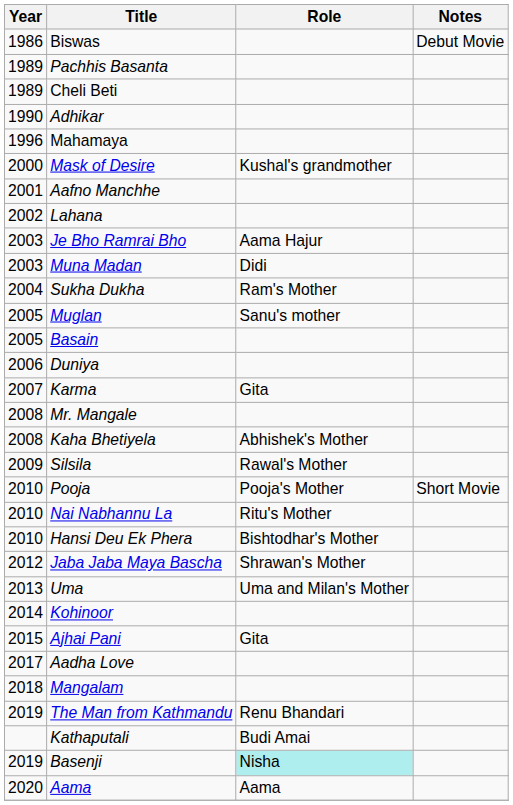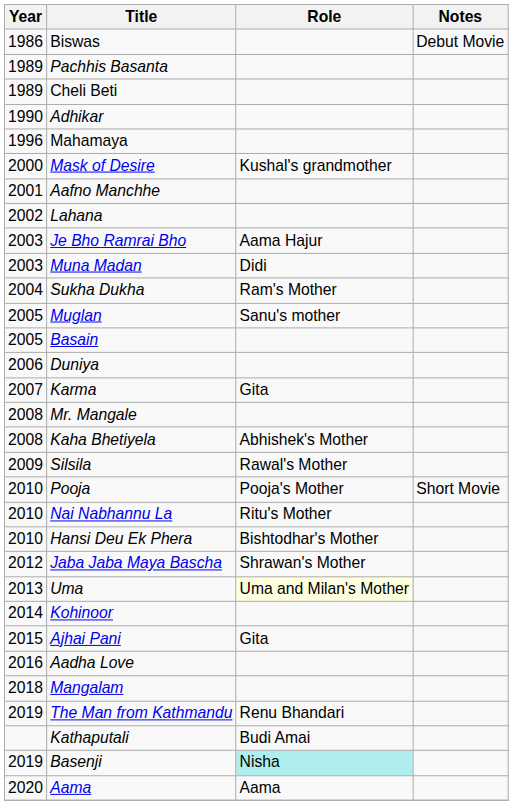 <table class="wikitable sortable">
 <tr>
 <th scope="col">Year</th>
 <th scope="col">Title</th>
 <th scope="col">Role</th>
 <th scope="col">Notes</th>
 </tr>
 <tr>
 <td>1986</td>
 <td>Biswas</td>
 <td></td>
 <td>Debut Movie</td>
 </tr>
 <tr>
 <td>1989</td>
 <td><em>Pachhis Basanta</em></td>
 <td></td>
 <td></td>
 </tr>
 <tr>
 <td>1989</td>
 <td>Cheli Beti</td>
 <td></td>
 <td></td>
 </tr>
 <tr>
 <td>1990</td>
 <td><em>Adhikar</em></td>
 <td></td>
 <td></td>
 </tr>
 <tr>
 <td>1996</td>
 <td>Mahamaya</td>
 <td></td>
 <td></td>
 </tr>
 <tr>
 <td>2000</td>
 <td><em><a href='#'>Mask of Desire</a></em></td>
 <td>Kushal's grandmother</td>
 <td></td>
 </tr>
 <tr>
 <td>2001</td>
 <td><em>Aafno Manchhe</em></td>
 <td></td>
 <td></td>
 </tr>
 <tr>
 <td>2002</td>
 <td><em>Lahana</em></td>
 <td></td>
 <td></td>
 </tr>
 <tr>
 <td>2003</td>
 <td><em><a href='#'>Je Bho Ramrai Bho</a></em></td>
 <td>Aama Hajur</td>
 <td></td>
 </tr>
 <tr>
 <td>2003</td>
 <td><em><a href='#'>Muna Madan</a></em></td>
 <td>Didi</td>
 <td></td>
 </tr>
 <tr>
 <td>2004</td>
 <td><em>Sukha Dukha</em></td>
 <td>Ram's Mother</td>
 <td></td>
 </tr>
 <tr>
 <td>2005</td>
 <td><em><a href='#'>Muglan</a></em></td>
 <td>Sanu's mother</td>
 <td></td>
 </tr>
 <tr>
 <td>2005</td>
 <td><em><a href='#'>Basain</a></em></td>
 <td></td>
 <td></td>
 </tr>
 <tr>
 <td>2006</td>
 <td><em>Duniya</em></td>
 <td></td>
 <td></td>
 </tr>
 <tr>
 <td>2007</td>
 <td><em>Karma</em></td>
 <td>Gita</td>
 <td></td>
 </tr>
 <tr>
 <td>2008</td>
 <td><em>Mr. Mangale</em></td>
 <td></td>
 <td></td>
 </tr>
 <tr>
 <td>2008</td>
 <td><em>Kaha Bhetiyela</em></td>
 <td>Abhishek's Mother</td>
 <td></td>
 </tr>
 <tr>
 <td>2009</td>
 <td><em>Silsila</em></td>
 <td>Rawal's Mother</td>
 <td></td>
 </tr>
 <tr>
 <td>2010</td>
 <td><em>Pooja</em></td>
 <td>Pooja's Mother</td>
 <td>Short Movie</td>
 </tr>
 <tr>
 <td>2010</td>
 <td><em><a href='#'>Nai Nabhannu La</a></em></td>
 <td>Ritu's Mother</td>
 <td></td>
 </tr>
 <tr>
 <td>2010</td>
 <td><em>Hansi Deu Ek Phera</em></td>
 <td>Bishtodhar's Mother</td>
 <td></td>
 </tr>
 <tr>
 <td>2012</td>
 <td><em><a href='#'>Jaba Jaba Maya Bascha</a></em></td>
 <td>Shrawan's Mother</td>
 <td></td>
 </tr>
 <tr>
 <td>2013</td>
 <td><em>Uma</em></td>
-<td>Uma and Milan's Mother</td>
+<td style="background: lightyellow;">Uma and Milan's Mother</td>
 <td></td>
 </tr>
 <tr>
 <td>2014</td>
 <td><em><a href='#'>Kohinoor</a></em></td>
 <td></td>
 <td></td>
 </tr>
 <tr>
 <td>2015</td>
 <td><em><a href='#'>Ajhai Pani</a></em></td>
 <td>Gita</td>
 <td></td>
 </tr>
 <tr>
-<td>2017</td>
+<td>2016</td>
 <td><em>Aadha Love</em></td>
 <td></td>
 <td></td>
 </tr>
 <tr>
 <td>2018</td>
 <td><em><a href='#'>Mangalam</a></em></td>
 <td></td>
 <td></td>
 </tr>
 <tr>
 <td>2019</td>
 <td><em><a href='#'>The Man from Kathmandu</a></em></td>
 <td>Renu Bhandari</td>
 <td></td>
 </tr>
 <tr>
 <td></td>
 <td><em>Kathaputali</em></td>
 <td>Budi Amai</td>
 <td></td>
 </tr>
 <tr>
 <td>2019</td>
 <td><em>Basenji</em></td>
 <td style="background: paleturquoise;">Nisha</td>
 <td></td>
 </tr>
 <tr>
 <td>2020</td>
 <td><em><a href='#'>Aama</a></em></td>
 <td>Aama</td>
 <td></td>
 </tr>
 <tr>
 </tr>
 </table>
